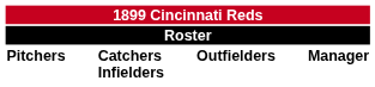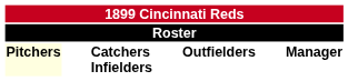 <table class="toccolours" style="font-size: 95%;">
 <tr>
 <th colspan="10" style="background-color: #c6011f; color: white; text-align: center;">1899 Cincinnati Reds</th>
 </tr>
 <tr>
 <td colspan="10" style="background-color: black; color: white; text-align: center;"><strong>Roster</strong></td>
 </tr>
 <tr>
-<td valign="top"><strong>Pitchers</strong><br>        </td>
+<td valign="top" style="background: lightyellow;"><strong>Pitchers</strong><br>        </td>
 <td width="25px"></td>
 <td valign="top"><strong>Catchers</strong><br>   <strong>Infielders</strong>       </td>
 <td width="25px"></td>
 <td valign="top"><strong>Outfielders</strong><br>        </td>
 <td width="25px"></td>
 <td valign="top"><strong>Manager</strong><br></td>
 </tr>
 </table>
